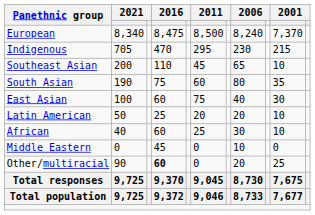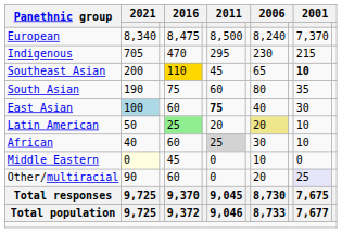 <table class="wikitable collapsible sortable">
 <tr>
 <th rowspan="2"><a href='#'>Panethnic</a> group</th>
 <th colspan="2">2021</th>
 <th colspan="2">2016</th>
 <th colspan="2">2011</th>
 <th colspan="2">2006</th>
 <th colspan="2">2001</th>
 </tr>
 <tr>
 <th><a href='#'></a></th>
 <th></th>
 <th></th>
 <th></th>
 <th></th>
 <th></th>
 <th></th>
 <th></th>
 <th></th>
 <th></th>
 </tr>
 <tr>
 <td><a href='#'>European</a></td>
 <td>8,340</td>
 <td></td>
 <td>8,475</td>
 <td></td>
 <td>8,500</td>
 <td></td>
 <td>8,240</td>
 <td></td>
 <td>7,370</td>
 <td></td>
 </tr>
 <tr>
 <td><a href='#'>Indigenous</a></td>
 <td>705</td>
 <td></td>
 <td>470</td>
 <td></td>
 <td>295</td>
 <td></td>
 <td>230</td>
 <td></td>
 <td>215</td>
 <td></td>
 </tr>
 <tr>
 <td><a href='#'>Southeast Asian</a></td>
 <td>200</td>
 <td></td>
-<td>110</td>
+<td style="background: gold;">110</td>
 <td></td>
 <td>45</td>
 <td></td>
 <td>65</td>
 <td></td>
-<td>10</td>
+<td><strong>10</strong></td>
 <td></td>
 </tr>
 <tr>
 <td><a href='#'>South Asian</a></td>
 <td>190</td>
 <td></td>
 <td>75</td>
 <td></td>
 <td>60</td>
 <td></td>
 <td>80</td>
 <td></td>
 <td>35</td>
 <td></td>
 </tr>
 <tr>
 <td><a href='#'>East Asian</a></td>
-<td>100</td>
+<td style="background: lightblue;">100</td>
 <td></td>
 <td>60</td>
 <td></td>
-<td>75</td>
+<td><strong>75</strong></td>
 <td></td>
 <td>40</td>
 <td></td>
 <td>30</td>
 <td></td>
 </tr>
 <tr>
 <td><a href='#'>Latin American</a></td>
 <td>50</td>
 <td></td>
-<td>25</td>
+<td style="background: lightgreen;">25</td>
 <td></td>
 <td>20</td>
 <td></td>
-<td>20</td>
+<td style="background: khaki;">20</td>
 <td></td>
 <td>10</td>
 <td></td>
 </tr>
 <tr>
 <td><a href='#'>African</a></td>
 <td>40</td>
 <td></td>
 <td>60</td>
 <td></td>
-<td>25</td>
+<td style="background: lightgrey;">25</td>
 <td></td>
 <td>30</td>
 <td></td>
 <td>10</td>
 <td></td>
 </tr>
 <tr>
 <td><a href='#'>Middle Eastern</a></td>
-<td>0</td>
+<td style="background: lightyellow;">0</td>
 <td></td>
 <td>45</td>
 <td></td>
 <td>0</td>
 <td></td>
 <td>10</td>
 <td></td>
 <td>0</td>
 <td></td>
 </tr>
 <tr>
 <td>Other/<a href='#'>multiracial</a></td>
 <td>90</td>
 <td></td>
-<td><strong>60</strong></td>
+<td>60</td>
 <td></td>
 <td>0</td>
 <td></td>
 <td>20</td>
 <td></td>
-<td>25</td>
+<td style="background: lavender;">25</td>
 <td></td>
 </tr>
 <tr>
 <th>Total responses</th>
 <th>9,725</th>
 <th></th>
 <th>9,370</th>
 <th></th>
 <th>9,045</th>
 <th></th>
 <th>8,730</th>
 <th></th>
 <th>7,675</th>
 <th></th>
 </tr>
 <tr class="sortbottom">
 <th>Total population</th>
 <th>9,725</th>
 <th></th>
 <th>9,372</th>
 <th></th>
 <th>9,046</th>
 <th></th>
 <th>8,733</th>
 <th></th>
 <th>7,677</th>
 <th></th>
 </tr>
 <tr class="sortbottom">
 <td colspan="11"></td>
 </tr>
 </table>
